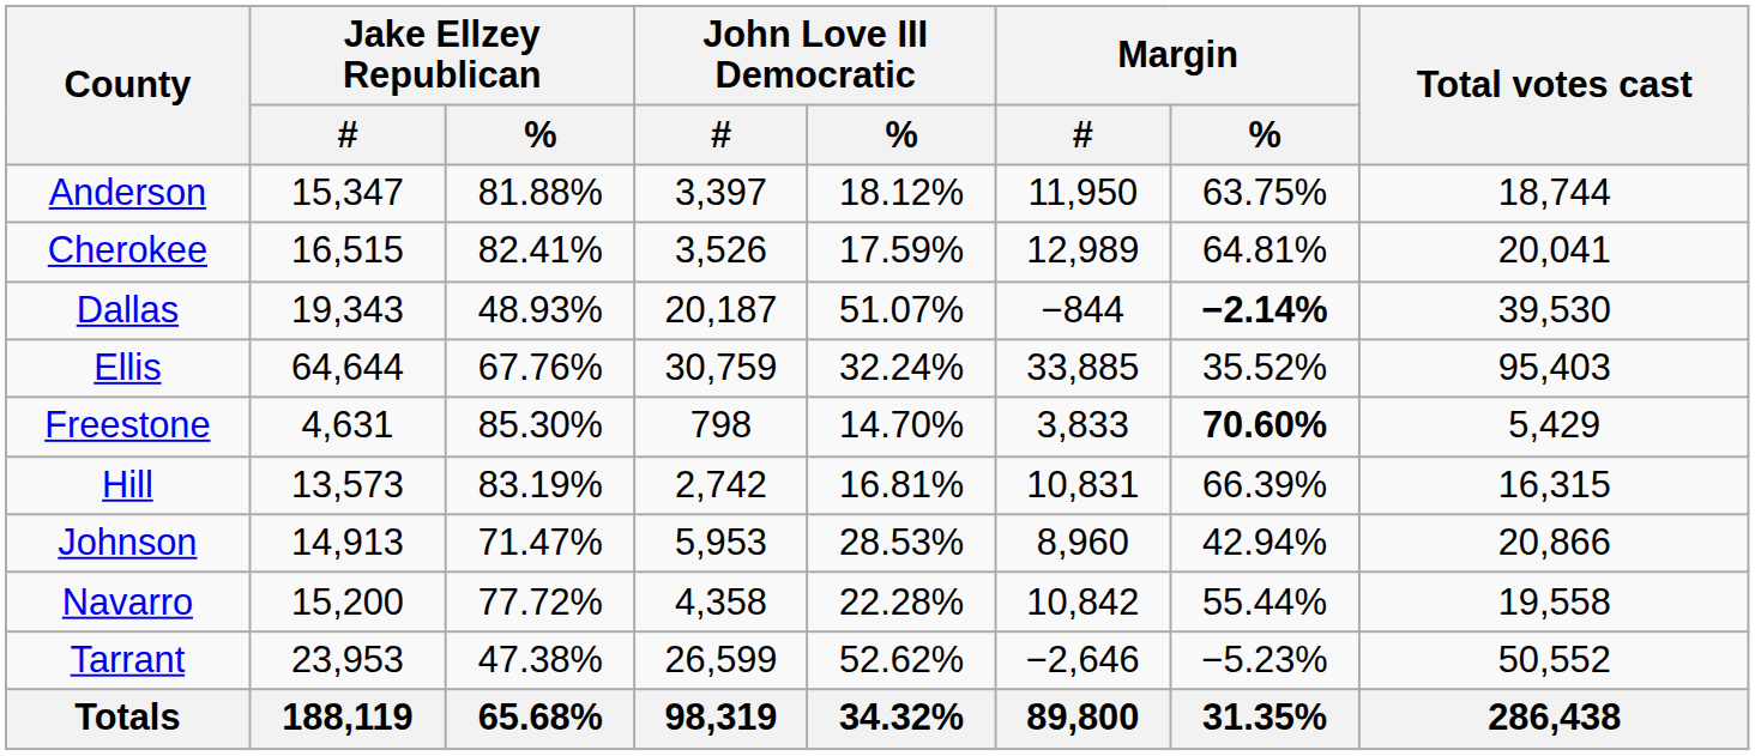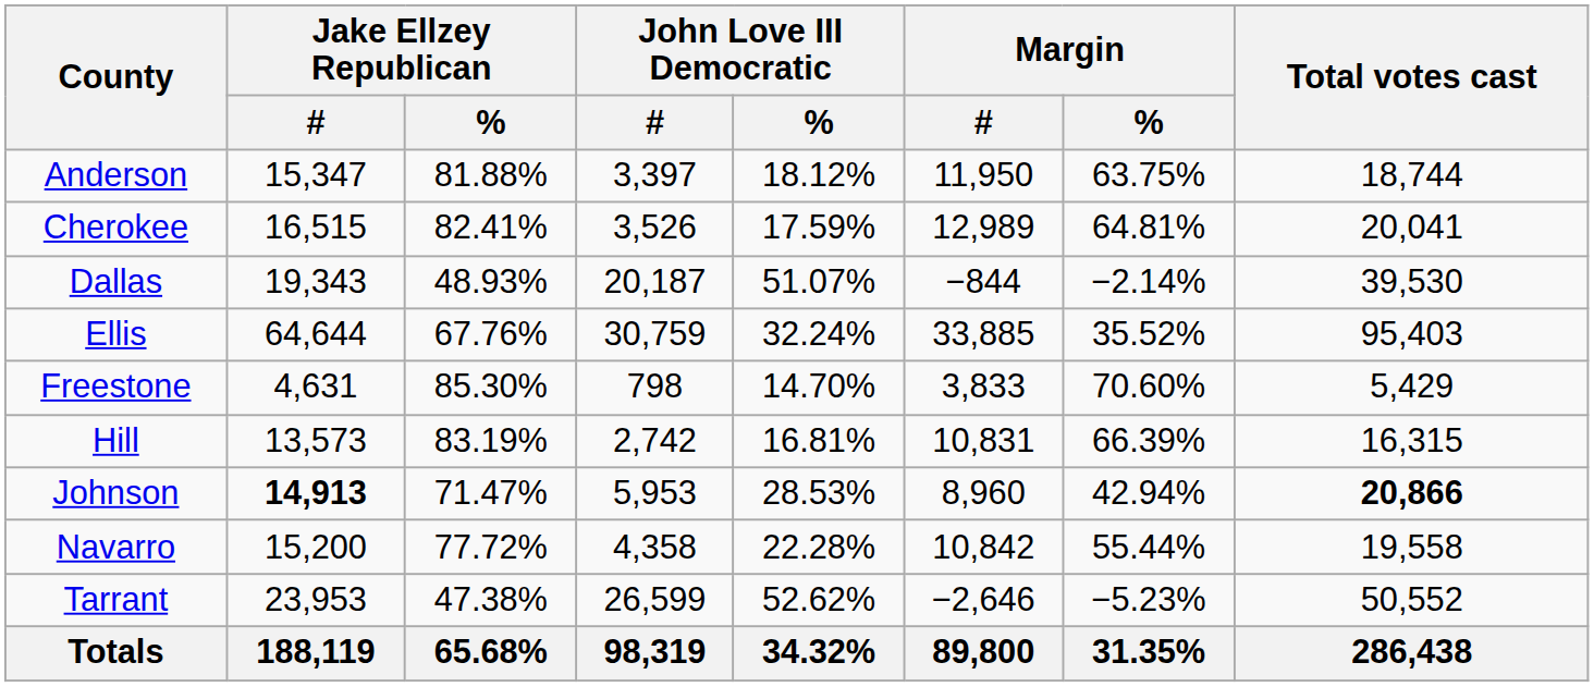 <table width="60%"  class="wikitable sortable" style="text-align:center">
 <tr>
 <th rowspan="2">County</th>
 <th style="text-align:center;" colspan="2">Jake Ellzey<br>Republican</th>
 <th style="text-align:center;" colspan="2">John Love III<br>Democratic</th>
 <th style="text-align:center;" colspan="2">Margin</th>
 <th rowspan="2" style="text-align:center;">Total votes cast</th>
 </tr>
 <tr>
 <th style="text-align:center;" data-sort-type="number">#</th>
 <th style="text-align:center;" data-sort-type="number">%</th>
 <th style="text-align:center;" data-sort-type="number">#</th>
 <th style="text-align:center;" data-sort-type="number">%</th>
 <th style="text-align:center;" data-sort-type="number">#</th>
 <th style="text-align:center;" data-sort-type="number">%</th>
 </tr>
 <tr style="text-align:center;">
 <td style="background-color:"><a href='#'>Anderson</a></td>
 <td style="background-color:">15,347</td>
 <td style="background-color:">81.88%</td>
 <td style="color:black;background-color:">3,397</td>
 <td style="color:black;background-color:">18.12%</td>
 <td style="background-color:">11,950</td>
 <td style="background-color:">63.75%</td>
 <td style="background-color:">18,744</td>
 </tr>
 <tr style="text-align:center;">
 <td style="background-color:"><a href='#'>Cherokee</a></td>
 <td style="background-color:">16,515</td>
 <td style="background-color:">82.41%</td>
 <td style="color:black;background-color:">3,526</td>
 <td style="color:black;background-color:">17.59%</td>
 <td style="background-color:">12,989</td>
 <td style="background-color:">64.81%</td>
 <td style="background-color:">20,041</td>
 </tr>
 <tr style="text-align:center;">
 <td style="color:black;background-color:"><a href='#'>Dallas</a></td>
 <td style="background-color:">19,343</td>
 <td style="background-color:">48.93%</td>
 <td style="color:black;background-color:">20,187</td>
 <td style="color:black;background-color:">51.07%</td>
 <td style="color:black;background-color:">−844</td>
-<td style="color:black;background-color:"><strong>−2.14%</strong></td>
+<td style="color:black;background-color:">−2.14%</td>
 <td style="color:black;background-color:">39,530</td>
 </tr>
 <tr style="text-align:center;">
 <td style="background-color:"><a href='#'>Ellis</a></td>
 <td style="background-color:">64,644</td>
 <td style="background-color:">67.76%</td>
 <td style="color:black;background-color:">30,759</td>
 <td style="color:black;background-color:">32.24%</td>
 <td style="background-color:">33,885</td>
 <td style="background-color:">35.52%</td>
 <td style="background-color:">95,403</td>
 </tr>
 <tr style="text-align:center;">
 <td style="background-color:"><a href='#'>Freestone</a></td>
 <td style="background-color:">4,631</td>
 <td style="background-color:">85.30%</td>
 <td style="color:black;background-color:">798</td>
 <td style="color:black;background-color:">14.70%</td>
 <td style="background-color:">3,833</td>
-<td style="background-color:"><strong>70.60%</strong></td>
+<td style="background-color:">70.60%</td>
 <td style="background-color:">5,429</td>
 </tr>
 <tr style="text-align:center;">
 <td style="background-color:"><a href='#'>Hill</a></td>
 <td style="background-color:">13,573</td>
 <td style="background-color:">83.19%</td>
 <td style="color:black;background-color:">2,742</td>
 <td style="color:black;background-color:">16.81%</td>
 <td style="background-color:">10,831</td>
 <td style="background-color:">66.39%</td>
 <td style="background-color:">16,315</td>
 </tr>
 <tr style="text-align:center;">
 <td style="background-color:"><a href='#'>Johnson</a></td>
-<td style="background-color:">14,913</td>
+<td style="background-color:"><strong>14,913</strong></td>
 <td style="background-color:">71.47%</td>
 <td style="color:black;background-color:">5,953</td>
 <td style="color:black;background-color:">28.53%</td>
 <td style="background-color:">8,960</td>
 <td style="background-color:">42.94%</td>
-<td style="background-color:">20,866</td>
+<td style="background-color:"><strong>20,866</strong></td>
 </tr>
 <tr style="text-align:center;">
 <td style="background-color:"><a href='#'>Navarro</a></td>
 <td style="background-color:">15,200</td>
 <td style="background-color:">77.72%</td>
 <td style="color:black;background-color:">4,358</td>
 <td style="color:black;background-color:">22.28%</td>
 <td style="background-color:">10,842</td>
 <td style="background-color:">55.44%</td>
 <td style="background-color:">19,558</td>
 </tr>
 <tr style="text-align:center;">
 <td style="color:black;background-color:"><a href='#'>Tarrant</a></td>
 <td style="background-color:">23,953</td>
 <td style="background-color:">47.38%</td>
 <td style="color:black;background-color:">26,599</td>
 <td style="color:black;background-color:">52.62%</td>
 <td style="color:black;background-color:">−2,646</td>
 <td style="color:black;background-color:">−5.23%</td>
 <td style="color:black;background-color:">50,552</td>
 </tr>
 <tr style="text-align:center;">
 <th>Totals</th>
 <th>188,119</th>
 <th>65.68%</th>
 <th>98,319</th>
 <th>34.32%</th>
 <th>89,800</th>
 <th>31.35%</th>
 <th>286,438</th>
 </tr>
 </table>
